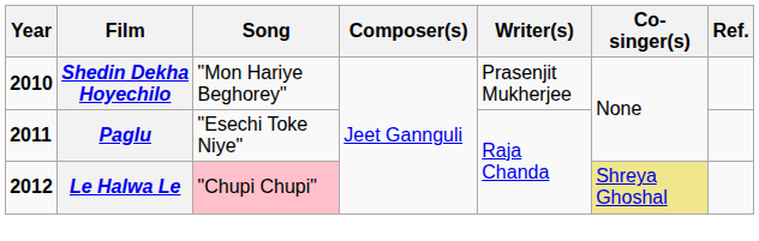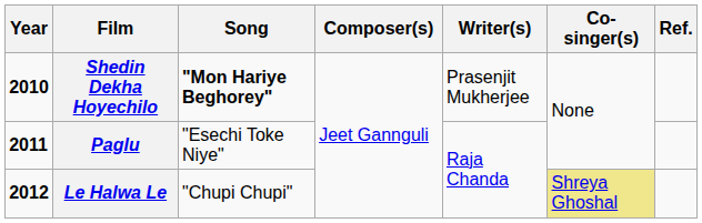 <table class="wikitable plainrowheaders" width="100%">
 <tr>
 <th scope="col" width=5%>Year</th>
 <th scope="col" width=20%>Film</th>
 <th scope="col" width=22%>Song</th>
 <th scope="col" width=19%>Composer(s)</th>
 <th scope="col" width=16%>Writer(s)</th>
 <th scope="col" width=17%>Co-singer(s)</th>
 <th scope="col" width=1%>Ref.</th>
 </tr>
 <tr>
 <td><strong>2010</strong></td>
 <th scope="row"><strong><em><a href='#'>Shedin Dekha Hoyechilo</a></em></strong></th>
-<td>"Mon Hariye Beghorey"</td>
+<td><strong>"Mon Hariye Beghorey"</strong></td>
 <td rowspan="3"><a href='#'>Jeet Gannguli</a></td>
 <td>Prasenjit Mukherjee</td>
 <td rowspan="2">None</td>
 <td></td>
 </tr>
 <tr>
 <td><strong>2011</strong></td>
 <th scope="row"><strong><em><a href='#'>Paglu</a></em></strong></th>
 <td>"Esechi Toke Niye"</td>
 <td rowspan="2"><a href='#'>Raja Chanda</a></td>
 <td></td>
 </tr>
 <tr>
 <td><strong>2012</strong></td>
 <th scope="row"><strong><em><a href='#'>Le Halwa Le</a></em></strong></th>
-<td style="background: pink;">"Chupi Chupi"</td>
+<td>"Chupi Chupi"</td>
 <td style="background: khaki;"><a href='#'>Shreya Ghoshal</a></td>
 <td></td>
 </tr>
 <tr>
 </tr>
 </table>
